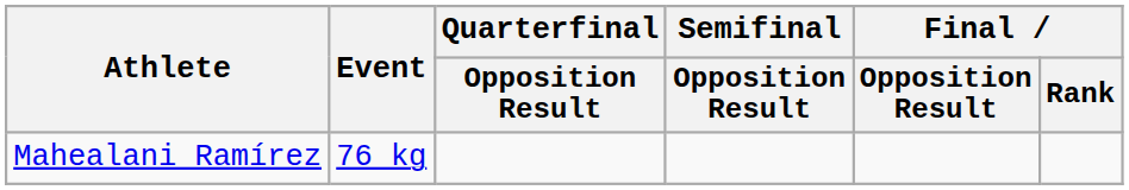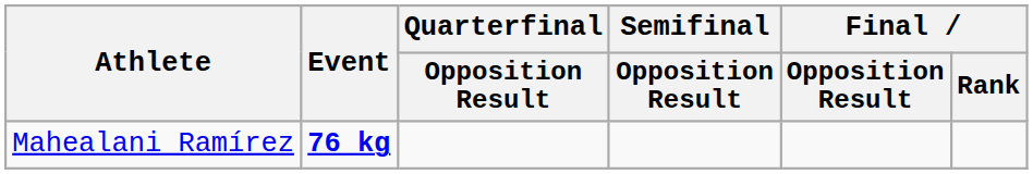 <table class=wikitable style=font-size:90%;text-align:center>
 <tr>
 <th rowspan=2>Athlete</th>
 <th rowspan=2>Event</th>
 <th>Quarterfinal</th>
 <th>Semifinal</th>
 <th colspan=2>Final / </th>
 </tr>
 <tr style=font-size:95%>
 <th>Opposition<br>Result</th>
 <th>Opposition<br>Result</th>
 <th>Opposition<br>Result</th>
 <th>Rank</th>
 </tr>
 <tr>
 <td align=left><a href='#'>Mahealani Ramírez</a></td>
-<td align=left><a href='#'>76 kg</a></td>
+<td align=left><strong><a href='#'>76 kg</a></strong></td>
 <td></td>
 <td></td>
 <td></td>
 <td></td>
 </tr>
 </table>
